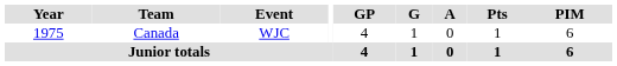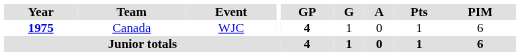 <table border="0" cellpadding="1" cellspacing="0" ID="Table3" style="text-align:center; width:40em">
 <tr bgcolor="#e0e0e0">
 <th>Year</th>
 <th>Team</th>
 <th>Event</th>
 <th rowspan="102" bgcolor="#ffffff"></th>
 <th>GP</th>
 <th>G</th>
 <th>A</th>
 <th>Pts</th>
 <th>PIM</th>
 </tr>
 <tr>
-<td><a href='#'>1975</a></td>
+<td><strong><a href='#'>1975</a></strong></td>
 <td><a href='#'>Canada</a></td>
 <td><a href='#'>WJC</a></td>
-<td>4</td>
+<td><strong>4</strong></td>
 <td>1</td>
 <td>0</td>
 <td>1</td>
 <td>6</td>
 </tr>
 <tr bgcolor="#e0e0e0">
 <th colspan="4">Junior totals</th>
 <th>4</th>
 <th>1</th>
 <th>0</th>
 <th>1</th>
 <th>6</th>
 </tr>
 </table>
